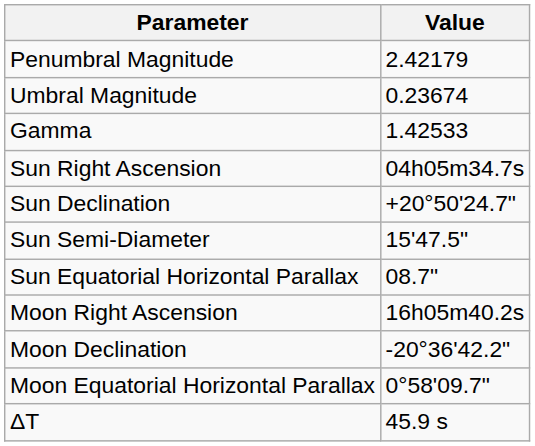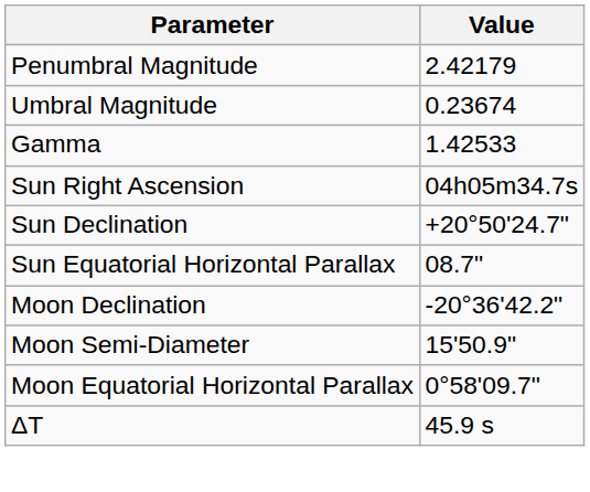 <table class="wikitable">
 <tr>
 <th>Parameter</th>
 <th>Value</th>
 </tr>
 <tr>
 <td>Penumbral Magnitude</td>
 <td>2.42179</td>
 </tr>
 <tr>
 <td>Umbral Magnitude</td>
 <td>0.23674</td>
 </tr>
 <tr>
 <td>Gamma</td>
 <td>1.42533</td>
 </tr>
 <tr>
 <td>Sun Right Ascension</td>
 <td>04h05m34.7s</td>
 </tr>
 <tr>
 <td>Sun Declination</td>
 <td>+20°50'24.7"</td>
 </tr>
 <tr>
-<td>Sun Semi-Diameter</td>
-<td>15'47.5"</td>
-</tr>
-<tr>
 <td>Sun Equatorial Horizontal Parallax</td>
 <td>08.7"</td>
 </tr>
 <tr>
-<td>Moon Right Ascension</td>
-<td>16h05m40.2s</td>
+<td>Moon Declination</td>
+<td>-20°36'42.2"</td>
 </tr>
 <tr>
-<td>Moon Declination</td>
-<td>-20°36'42.2"</td>
+<td>Moon Semi-Diameter</td>
+<td>15'50.9"</td>
 </tr>
 <tr>
 <td>Moon Equatorial Horizontal Parallax</td>
 <td>0°58'09.7"</td>
 </tr>
 <tr>
 <td>ΔT</td>
 <td>45.9 s</td>
 </tr>
 </table>
